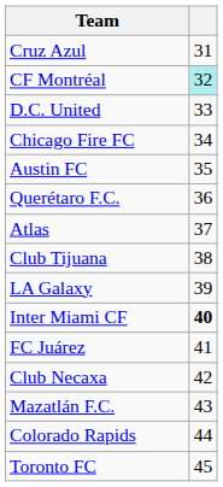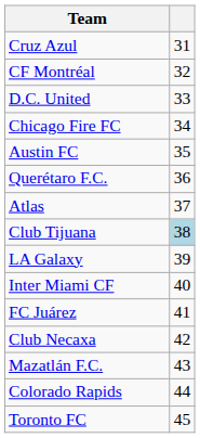 <table class="wikitable" style="white-space:nowrap; display:inline-table;">
 <tr>
 <th style="width:150px">Team</th>
 <th></th>
 </tr>
 <tr>
 <td> <a href='#'>Cruz Azul</a></td>
 <td style="text-align:center">31</td>
 </tr>
 <tr>
 <td> <a href='#'>CF Montréal</a></td>
-<td style="background: paleturquoise; text-align:center">32</td>
+<td style="text-align:center">32</td>
 </tr>
 <tr>
 <td> <a href='#'>D.C. United</a></td>
 <td style="text-align:center">33</td>
 </tr>
 <tr>
 <td> <a href='#'>Chicago Fire FC</a></td>
 <td style="text-align:center">34</td>
 </tr>
 <tr>
 <td> <a href='#'>Austin FC</a></td>
 <td style="text-align:center">35</td>
 </tr>
 <tr>
 <td> <a href='#'>Querétaro F.C.</a></td>
 <td style="text-align:center">36</td>
 </tr>
 <tr>
 <td> <a href='#'>Atlas</a></td>
 <td style="text-align:center">37</td>
 </tr>
 <tr>
 <td> <a href='#'>Club Tijuana</a></td>
-<td style="text-align:center">38</td>
+<td style="background: lightblue; text-align:center">38</td>
 </tr>
 <tr>
 <td> <a href='#'>LA Galaxy</a></td>
 <td style="text-align:center">39</td>
 </tr>
 <tr>
 <td> <a href='#'>Inter Miami CF</a></td>
-<td style="text-align:center"><strong>40</strong></td>
+<td style="text-align:center">40</td>
 </tr>
 <tr>
 <td> <a href='#'>FC Juárez</a></td>
 <td style="text-align:center">41</td>
 </tr>
 <tr>
 <td> <a href='#'>Club Necaxa</a></td>
 <td style="text-align:center">42</td>
 </tr>
 <tr>
 <td> <a href='#'>Mazatlán F.C.</a></td>
 <td style="text-align:center">43</td>
 </tr>
 <tr>
 <td> <a href='#'>Colorado Rapids</a></td>
 <td style="text-align:center">44</td>
 </tr>
 <tr>
 <td> <a href='#'>Toronto FC</a></td>
 <td style="text-align:center">45</td>
 </tr>
 </table>
